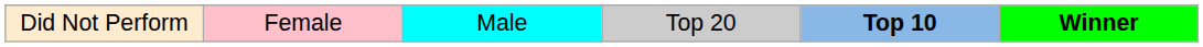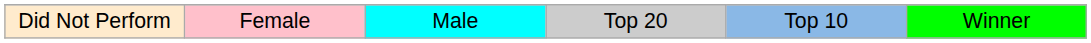 <table class="wikitable" style="margin:1em auto; text-align:center;">
 <tr>
 </tr>
 <tr>
 <td style="background:#ffebcd; width:15%;">Did Not Perform</td>
 <td style="background:pink; width:15%;">Female</td>
 <td style="background:cyan; width:15%;">Male</td>
 <td style="background:#ccc; width:15%;">Top 20</td>
-<td style="background:#8ab8e6; width:15%;"><strong>Top 10</strong></td>
-<td style="background:lime; width:15%;"><strong>Winner</strong></td>
+<td style="background:#8ab8e6; width:15%;">Top 10</td>
+<td style="background:lime; width:15%;">Winner</td>
 </tr>
 </table>
